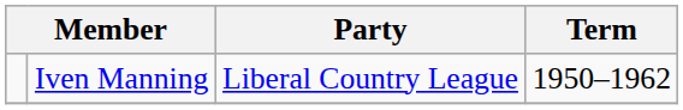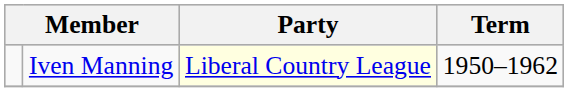 <table class="wikitable">
 <tr>
 <th colspan="2">Member</th>
 <th>Party</th>
 <th>Term</th>
 </tr>
 <tr>
 <td> </td>
 <td><a href='#'>Iven Manning</a></td>
-<td><a href='#'>Liberal Country League</a></td>
+<td style="background: lightyellow;"><a href='#'>Liberal Country League</a></td>
 <td>1950–1962</td>
 </tr>
 <tr>
 </tr>
 </table>
